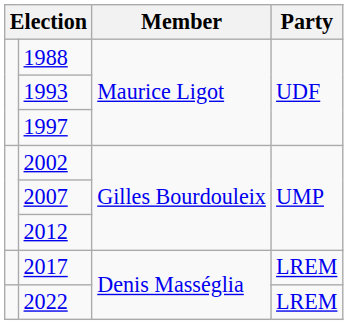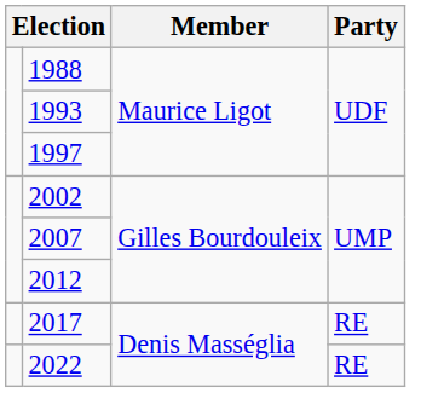 <table class="wikitable">
 <tr>
 <th colspan=2>Election</th>
 <th>Member</th>
 <th>Party</th>
 </tr>
 <tr>
 <td rowspan="3" style="background-color: "></td>
 <td><a href='#'>1988</a></td>
 <td rowspan="3"><a href='#'>Maurice Ligot</a></td>
 <td rowspan="3"><a href='#'>UDF</a></td>
 </tr>
 <tr>
 <td><a href='#'>1993</a></td>
 </tr>
 <tr>
 <td><a href='#'>1997</a></td>
 </tr>
 <tr>
 <td rowspan="3" style="background-color: "></td>
 <td><a href='#'>2002</a></td>
 <td rowspan="3"><a href='#'>Gilles Bourdouleix</a></td>
 <td rowspan="3"><a href='#'>UMP</a></td>
 </tr>
 <tr>
 <td><a href='#'>2007</a></td>
 </tr>
 <tr>
 <td><a href='#'>2012</a></td>
 </tr>
 <tr>
 <td style="background-color: "></td>
 <td><a href='#'>2017</a></td>
 <td rowspan="2"><a href='#'>Denis Masséglia</a></td>
-<td><a href='#'>LREM</a></td>
+<td><a href='#'>RE</a></td>
 </tr>
 <tr>
 <td style="background-color: "></td>
 <td><a href='#'>2022</a></td>
-<td><a href='#'>LREM</a></td>
+<td><a href='#'>RE</a></td>
 </tr>
 </table>
